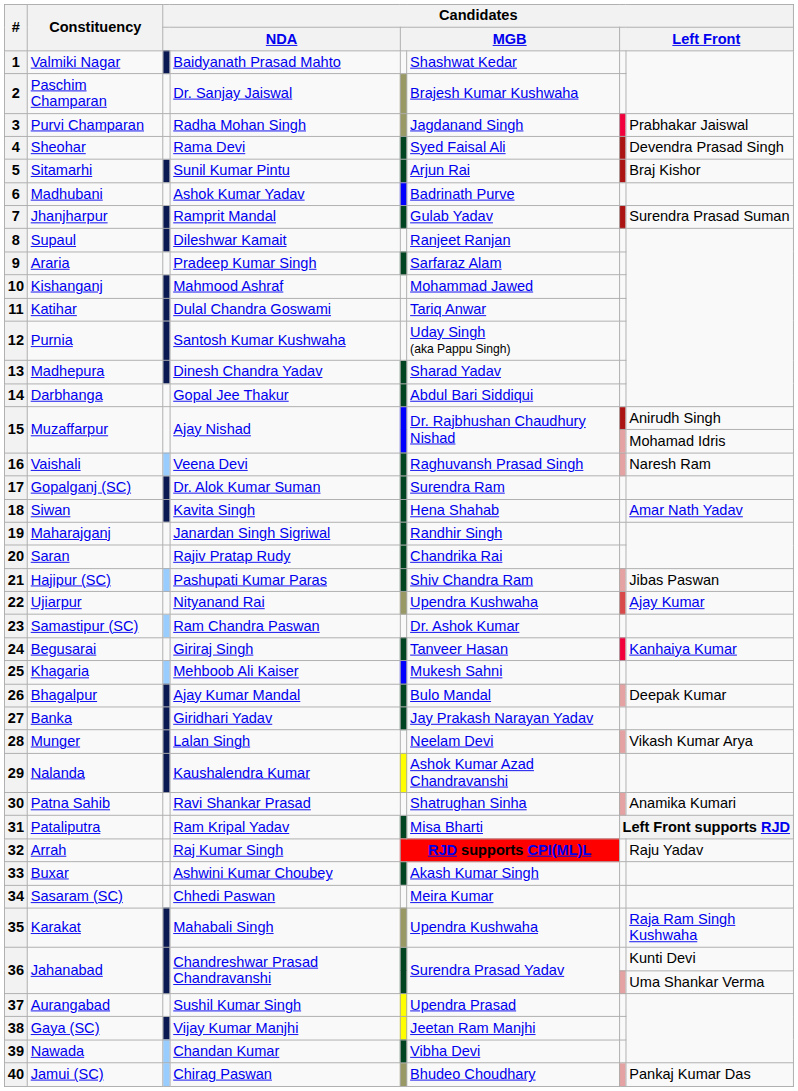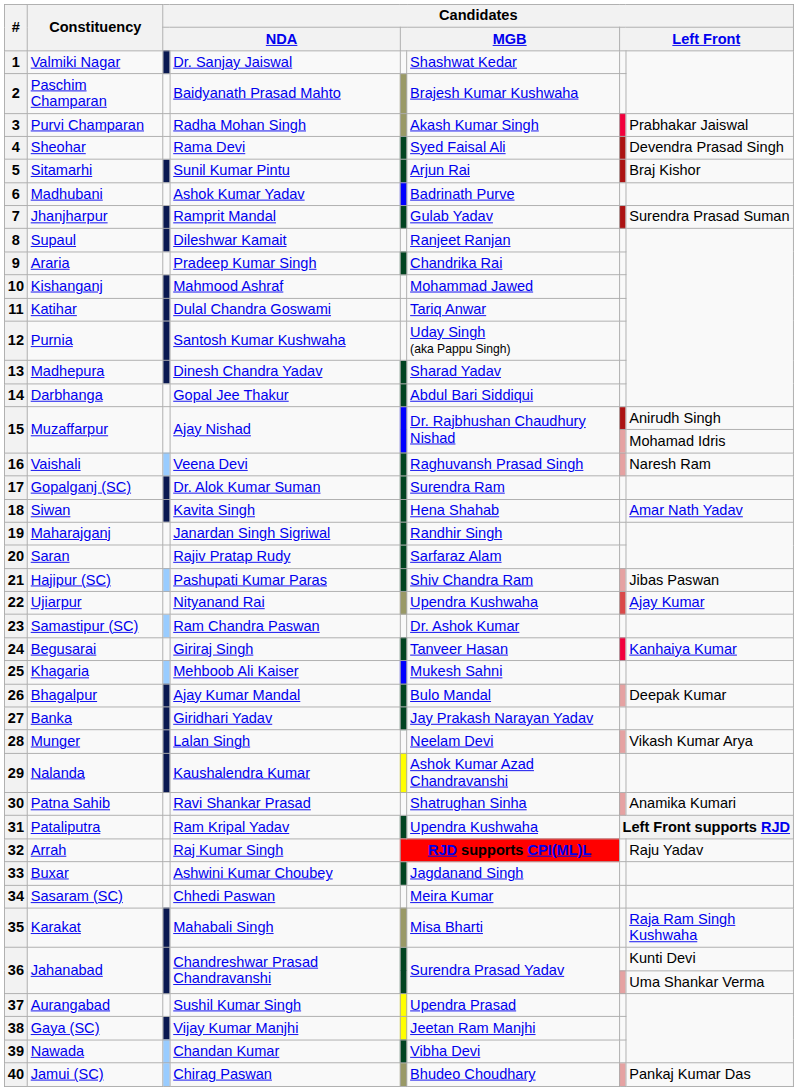 <table class="wikitable sortable">
 <tr>
 <th rowspan="2">#</th>
 <th rowspan="2">Constituency</th>
 <th colspan="6">Candidates</th>
 </tr>
 <tr>
 <th colspan="2"><a href='#'>NDA</a><br>  </th>
 <th colspan="2"><a href='#'>MGB</a><br>    </th>
 <th colspan="2"><a href='#'>Left Front</a><br>    </th>
 </tr>
 <tr>
 <th>1</th>
 <td><a href='#'>Valmiki Nagar</a></td>
 <td style="background:#0A1951;"></td>
-<td><a href='#'>Baidyanath Prasad Mahto</a></td>
+<td><a href='#'>Dr. Sanjay Jaiswal</a></td>
 <td style="background:"></td>
 <td><a href='#'>Shashwat Kedar</a></td>
 <td></td>
 </tr>
 <tr>
 <th>2</th>
 <td><a href='#'>Paschim Champaran</a></td>
 <td style="background:"></td>
-<td><a href='#'>Dr. Sanjay Jaiswal</a></td>
+<td><a href='#'>Baidyanath Prasad Mahto</a></td>
 <td style="background:#996;"></td>
 <td><a href='#'>Brajesh Kumar Kushwaha</a></td>
 <td></td>
 </tr>
 <tr>
 <th>3</th>
 <td><a href='#'>Purvi Champaran</a></td>
 <td style="background:"></td>
 <td><a href='#'>Radha Mohan Singh</a></td>
 <td style="background:#996;"></td>
-<td><a href='#'>Jagdanand Singh</a></td>
+<td><a href='#'>Akash Kumar Singh</a></td>
 <td bgcolor="#F2003C"></td>
 <td>Prabhakar Jaiswal</td>
 </tr>
 <tr>
 <th>4</th>
 <td><a href='#'>Sheohar</a></td>
 <td style="background:"></td>
 <td><a href='#'>Rama Devi</a></td>
 <td style="background:#014421;"></td>
 <td><a href='#'>Syed Faisal Ali</a></td>
 <td bgcolor="#ac1313"></td>
 <td>Devendra Prasad Singh</td>
 </tr>
 <tr>
 <th>5</th>
 <td><a href='#'>Sitamarhi</a></td>
 <td style="background:#0A1951;"></td>
 <td><a href='#'>Sunil Kumar Pintu</a></td>
 <td style="background:#014421;"></td>
 <td><a href='#'>Arjun Rai</a></td>
 <td bgcolor="#ac1313"></td>
 <td>Braj Kishor</td>
 </tr>
 <tr>
 <th>6</th>
 <td><a href='#'>Madhubani</a></td>
 <td style="background:"></td>
 <td><a href='#'>Ashok Kumar Yadav</a></td>
 <td style="background:#00f;"></td>
 <td><a href='#'>Badrinath Purve</a></td>
 <td></td>
 </tr>
 <tr>
 <th>7</th>
 <td><a href='#'>Jhanjharpur</a></td>
 <td style="background:#0A1951;"></td>
 <td><a href='#'>Ramprit Mandal</a></td>
 <td style="background:#014421;"></td>
 <td><a href='#'>Gulab Yadav</a></td>
 <td bgcolor="#ac1313"></td>
 <td>Surendra Prasad Suman</td>
 </tr>
 <tr>
 <th>8</th>
 <td><a href='#'>Supaul</a></td>
 <td style="background:#0A1951;"></td>
 <td><a href='#'>Dileshwar Kamait</a></td>
 <td style="background:"></td>
 <td><a href='#'>Ranjeet Ranjan</a></td>
 <td></td>
 </tr>
 <tr>
 <th>9</th>
 <td><a href='#'>Araria</a></td>
 <td style="background:"></td>
 <td><a href='#'>Pradeep Kumar Singh</a></td>
 <td style="background:#014421;"></td>
-<td><a href='#'>Sarfaraz Alam</a></td>
+<td><a href='#'>Chandrika Rai</a></td>
 <td></td>
 </tr>
 <tr>
 <th>10</th>
 <td><a href='#'>Kishanganj</a></td>
 <td style="background:#0A1951;"></td>
 <td><a href='#'>Mahmood Ashraf</a></td>
 <td style="background:"></td>
 <td><a href='#'>Mohammad Jawed</a></td>
 <td></td>
 </tr>
 <tr>
 <th>11</th>
 <td><a href='#'>Katihar</a></td>
 <td style="background:#0A1951;"></td>
 <td><a href='#'>Dulal Chandra Goswami</a></td>
 <td style="background:"></td>
 <td><a href='#'>Tariq Anwar</a></td>
 <td></td>
 </tr>
 <tr>
 <th>12</th>
 <td><a href='#'>Purnia</a></td>
 <td style="background:#0A1951;"></td>
 <td><a href='#'>Santosh Kumar Kushwaha</a></td>
 <td style="background:"></td>
 <td><a href='#'>Uday Singh</a><br><small>(aka Pappu Singh)</small></td>
 <td></td>
 </tr>
 <tr>
 <th>13</th>
 <td><a href='#'>Madhepura</a></td>
 <td style="background:#0A1951;"></td>
 <td><a href='#'>Dinesh Chandra Yadav</a></td>
 <td style="background:#014421;"></td>
 <td><a href='#'>Sharad Yadav</a></td>
 <td></td>
 </tr>
 <tr>
 <th>14</th>
 <td><a href='#'>Darbhanga</a></td>
 <td style="background:"></td>
 <td><a href='#'>Gopal Jee Thakur</a></td>
 <td style="background:#014421;"></td>
 <td><a href='#'>Abdul Bari Siddiqui</a></td>
 <td></td>
 </tr>
 <tr>
 <th rowspan="2">15</th>
 <td rowspan="2"><a href='#'>Muzaffarpur</a></td>
 <td rowspan="2" style="background:"></td>
 <td rowspan="2"><a href='#'>Ajay Nishad</a></td>
 <td rowspan="2" style="background:#00f;"></td>
 <td rowspan="2"><a href='#'>Dr. Rajbhushan Chaudhury Nishad</a></td>
 <td bgcolor="#ac1313"></td>
 <td>Anirudh Singh</td>
 </tr>
 <tr>
 <td bgcolor="#e5a2a2"></td>
 <td>Mohamad Idris</td>
 </tr>
 <tr>
 <th>16</th>
 <td><a href='#'>Vaishali</a></td>
 <td style="background:#9cf;"></td>
 <td><a href='#'>Veena Devi</a></td>
 <td style="background:#014421;"></td>
 <td><a href='#'>Raghuvansh Prasad Singh</a></td>
 <td bgcolor="#e5a2a2"></td>
 <td>Naresh Ram</td>
 </tr>
 <tr>
 <th>17</th>
 <td><a href='#'>Gopalganj (SC)</a></td>
 <td style="background:#0A1951;"></td>
 <td><a href='#'>Dr. Alok Kumar Suman</a></td>
 <td style="background:#014421;"></td>
 <td><a href='#'>Surendra Ram</a></td>
 <td></td>
 </tr>
 <tr>
 <th>18</th>
 <td><a href='#'>Siwan</a></td>
 <td style="background:#0A1951;"></td>
 <td><a href='#'>Kavita Singh</a></td>
 <td style="background:#014421;"></td>
 <td><a href='#'>Hena Shahab</a></td>
 <td></td>
 <td><a href='#'>Amar Nath Yadav</a></td>
 </tr>
 <tr>
 <th>19</th>
 <td><a href='#'>Maharajganj</a></td>
 <td style="background:"></td>
 <td><a href='#'>Janardan Singh Sigriwal</a></td>
 <td style="background:#014421;"></td>
 <td><a href='#'>Randhir Singh</a></td>
 <td></td>
 </tr>
 <tr>
 <th>20</th>
 <td><a href='#'>Saran</a></td>
 <td style="background:"></td>
 <td><a href='#'>Rajiv Pratap Rudy</a></td>
 <td style="background:#014421;"></td>
-<td><a href='#'>Chandrika Rai</a></td>
+<td><a href='#'>Sarfaraz Alam</a></td>
 <td></td>
 </tr>
 <tr>
 <th>21</th>
 <td><a href='#'>Hajipur (SC)</a></td>
 <td style="background:#9cf;"></td>
 <td><a href='#'>Pashupati Kumar Paras</a></td>
 <td style="background:#014421;"></td>
 <td><a href='#'>Shiv Chandra Ram</a></td>
 <td bgcolor="#e5a2a2"></td>
 <td>Jibas Paswan</td>
 </tr>
 <tr>
 <th>22</th>
 <td><a href='#'>Ujiarpur</a></td>
 <td style="background:"></td>
 <td><a href='#'>Nityanand Rai</a></td>
 <td style="background:#996;"></td>
 <td><a href='#'>Upendra Kushwaha</a></td>
 <td bgcolor="#da4949"></td>
 <td><a href='#'>Ajay Kumar</a></td>
 </tr>
 <tr>
 <th>23</th>
 <td><a href='#'>Samastipur (SC)</a></td>
 <td style="background:#9cf;"></td>
 <td><a href='#'>Ram Chandra Paswan</a></td>
 <td style="background:"></td>
 <td><a href='#'>Dr. Ashok Kumar</a></td>
 <td></td>
 </tr>
 <tr>
 <th>24</th>
 <td><a href='#'>Begusarai</a></td>
 <td style="background:"></td>
 <td><a href='#'>Giriraj Singh</a></td>
 <td style="background:#014421;"></td>
 <td><a href='#'>Tanveer Hasan</a></td>
 <td bgcolor="#F2003C"></td>
 <td><a href='#'>Kanhaiya Kumar</a></td>
 </tr>
 <tr>
 <th>25</th>
 <td><a href='#'>Khagaria</a></td>
 <td style="background:#9cf;"></td>
 <td><a href='#'>Mehboob Ali Kaiser</a></td>
 <td style="background:#00f;"></td>
 <td><a href='#'>Mukesh Sahni</a></td>
 <td></td>
 </tr>
 <tr>
 <th>26</th>
 <td><a href='#'>Bhagalpur</a></td>
 <td style="background:#0A1951;"></td>
 <td><a href='#'>Ajay Kumar Mandal</a></td>
 <td style="background:#014421;"></td>
 <td><a href='#'>Bulo Mandal</a></td>
 <td bgcolor="#e5a2a2"></td>
 <td>Deepak Kumar</td>
 </tr>
 <tr>
 <th>27</th>
 <td><a href='#'>Banka</a></td>
 <td style="background:#0A1951;"></td>
 <td><a href='#'>Giridhari Yadav</a></td>
 <td style="background:#014421;"></td>
 <td><a href='#'>Jay Prakash Narayan Yadav</a></td>
 <td></td>
 </tr>
 <tr>
 <th>28</th>
 <td><a href='#'>Munger</a></td>
 <td style="background:#0A1951;"></td>
 <td><a href='#'>Lalan Singh</a></td>
 <td style="background:"></td>
 <td><a href='#'>Neelam Devi</a></td>
 <td bgcolor="#e5a2a2"></td>
 <td>Vikash Kumar Arya</td>
 </tr>
 <tr>
 <th>29</th>
 <td><a href='#'>Nalanda</a></td>
 <td style="background:#0A1951;"></td>
 <td><a href='#'>Kaushalendra Kumar</a></td>
 <td style="background:#ff0;"></td>
 <td><a href='#'>Ashok Kumar Azad Chandravanshi</a></td>
 <td></td>
 </tr>
 <tr>
 <th>30</th>
 <td><a href='#'>Patna Sahib</a></td>
 <td style="background:"></td>
 <td><a href='#'>Ravi Shankar Prasad</a></td>
 <td style="background:"></td>
 <td><a href='#'>Shatrughan Sinha</a></td>
 <td bgcolor="#e5a2a2"></td>
 <td>Anamika Kumari</td>
 </tr>
 <tr>
 <th>31</th>
 <td><a href='#'>Pataliputra</a></td>
 <td style="background:"></td>
 <td><a href='#'>Ram Kripal Yadav</a></td>
 <td style="background:#014421;"></td>
-<td><a href='#'>Misa Bharti</a></td>
+<td><a href='#'>Upendra Kushwaha</a></td>
 <th colspan="2">Left Front supports <a href='#'>RJD</a></th>
 </tr>
 <tr>
 <th>32</th>
 <td><a href='#'>Arrah</a></td>
 <td style="background:"></td>
 <td><a href='#'>Raj Kumar Singh</a></td>
 <th colspan="2" style="background:#f00;"><a href='#'>RJD</a> supports <a href='#'>CPI(ML)L</a></th>
 <td></td>
 <td>Raju Yadav</td>
 </tr>
 <tr>
 <th>33</th>
 <td><a href='#'>Buxar</a></td>
 <td style="background:"></td>
 <td><a href='#'>Ashwini Kumar Choubey</a></td>
 <td style="background:#014421;"></td>
-<td><a href='#'>Akash Kumar Singh</a></td>
+<td><a href='#'>Jagdanand Singh</a></td>
 <td></td>
 <td></td>
 </tr>
 <tr>
 <th>34</th>
 <td><a href='#'>Sasaram (SC)</a></td>
 <td style="background:"></td>
 <td><a href='#'>Chhedi Paswan</a></td>
 <td style="background:"></td>
 <td><a href='#'>Meira Kumar</a></td>
 <td></td>
 <td></td>
 </tr>
 <tr>
 <th>35</th>
 <td><a href='#'>Karakat</a></td>
 <td style="background:#0A1951;"></td>
 <td><a href='#'>Mahabali Singh</a></td>
 <td style="background:#996;"></td>
-<td><a href='#'>Upendra Kushwaha</a></td>
+<td><a href='#'>Misa Bharti</a></td>
 <td></td>
 <td><a href='#'>Raja Ram Singh Kushwaha</a></td>
 </tr>
 <tr>
 <th rowspan="2">36</th>
 <td rowspan="2"><a href='#'>Jahanabad</a></td>
 <td rowspan="2"  style="background:#0A1951;"></td>
 <td rowspan="2"><a href='#'>Chandreshwar Prasad Chandravanshi</a></td>
 <td rowspan="2" style="background:#014421;"></td>
 <td rowspan="2"><a href='#'>Surendra Prasad Yadav</a></td>
 <td></td>
 <td>Kunti Devi</td>
 </tr>
 <tr>
 <td bgcolor="#e5a2a2"></td>
 <td>Uma Shankar Verma</td>
 </tr>
 <tr>
 <th>37</th>
 <td><a href='#'>Aurangabad</a></td>
 <td style="background:"></td>
 <td><a href='#'>Sushil Kumar Singh</a></td>
 <td style="background:#ff0;"></td>
 <td><a href='#'>Upendra Prasad</a></td>
 <td></td>
 </tr>
 <tr>
 <th>38</th>
 <td><a href='#'>Gaya (SC)</a></td>
 <td style="background:#0A1951;"></td>
 <td><a href='#'>Vijay Kumar Manjhi</a></td>
 <td style="background:#ff0;"></td>
 <td><a href='#'>Jeetan Ram Manjhi</a></td>
 <td></td>
 </tr>
 <tr>
 <th>39</th>
 <td><a href='#'>Nawada</a></td>
 <td style="background:#9cf;"></td>
 <td><a href='#'>Chandan Kumar</a></td>
 <td style="background:#014421;"></td>
 <td><a href='#'>Vibha Devi</a></td>
 <td></td>
 </tr>
 <tr>
 <th>40</th>
 <td><a href='#'>Jamui (SC)</a></td>
 <td style="background:#9cf;"></td>
 <td><a href='#'>Chirag Paswan</a></td>
 <td style="background:#996;"></td>
 <td><a href='#'>Bhudeo Choudhary</a></td>
 <td bgcolor="#e5a2a2"></td>
 <td>Pankaj Kumar Das</td>
 </tr>
 </table>
